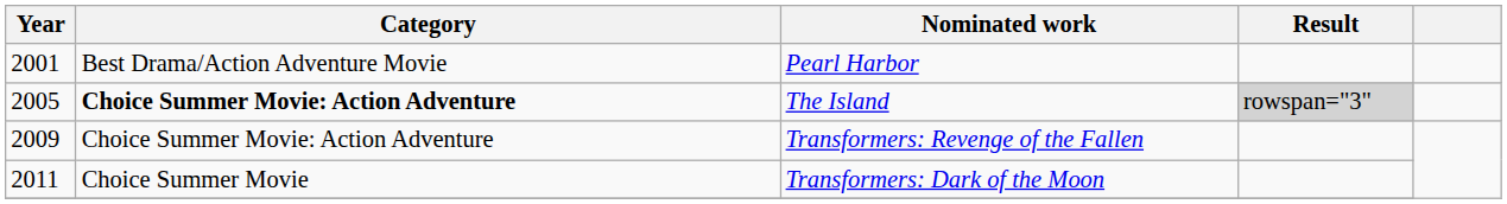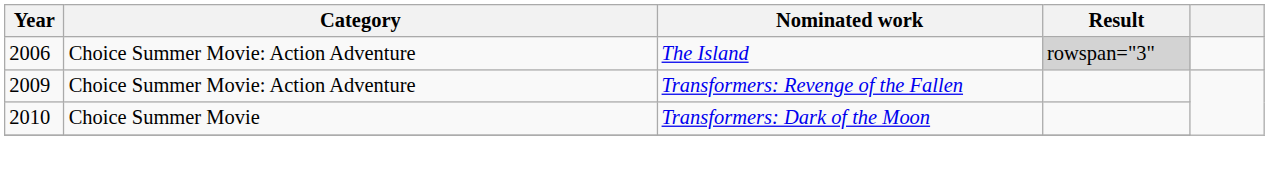 <table class=wikitable>
 <tr>
 <th width=4%>Year</th>
 <th width=40%>Category</th>
 <th width=26%>Nominated work</th>
 <th width=10%>Result</th>
 <th width=5%></th>
 </tr>
 <tr>
-<td>2001</td>
-<td>Best Drama/Action Adventure Movie</td>
-<td><em><a href='#'>Pearl Harbor</a></em></td>
-<td></td>
-<td></td>
-</tr>
-<tr>
-<td>2005</td>
-<td><strong>Choice Summer Movie: Action Adventure</strong></td>
+<td>2006</td>
+<td>Choice Summer Movie: Action Adventure</td>
 <td><em><a href='#'>The Island</a></em></td>
 <td style="background: lightgrey;">rowspan="3" </td>
 <td></td>
 </tr>
 <tr>
 <td>2009</td>
 <td>Choice Summer Movie: Action Adventure</td>
 <td><em><a href='#'>Transformers: Revenge of the Fallen</a></em></td>
 <td></td>
 </tr>
 <tr>
-<td>2011</td>
+<td>2010</td>
 <td>Choice Summer Movie</td>
 <td><em><a href='#'>Transformers: Dark of the Moon</a></em></td>
 <td></td>
 </tr>
 <tr>
 </tr>
 </table>
